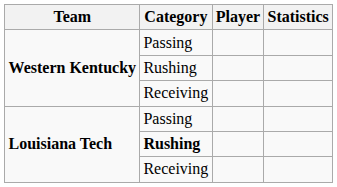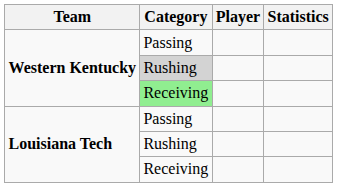 <table class="wikitable" style="float: right;">
 <tr>
 <th>Team</th>
 <th>Category</th>
 <th>Player</th>
 <th>Statistics</th>
 </tr>
 <tr>
 <td rowspan=3><strong>Western Kentucky</strong></td>
 <td>Passing</td>
 <td></td>
 <td></td>
 </tr>
 <tr>
-<td>Rushing</td>
+<td style="background: lightgrey;">Rushing</td>
 <td></td>
 <td></td>
 </tr>
 <tr>
-<td>Receiving</td>
+<td style="background: lightgreen;">Receiving</td>
 <td></td>
 <td></td>
 </tr>
 <tr>
 <td rowspan=3><strong>Louisiana Tech</strong></td>
 <td>Passing</td>
 <td></td>
 <td></td>
 </tr>
 <tr>
-<td><strong>Rushing</strong></td>
+<td>Rushing</td>
 <td></td>
 <td></td>
 </tr>
 <tr>
 <td>Receiving</td>
 <td></td>
 <td></td>
 </tr>
 </table>
